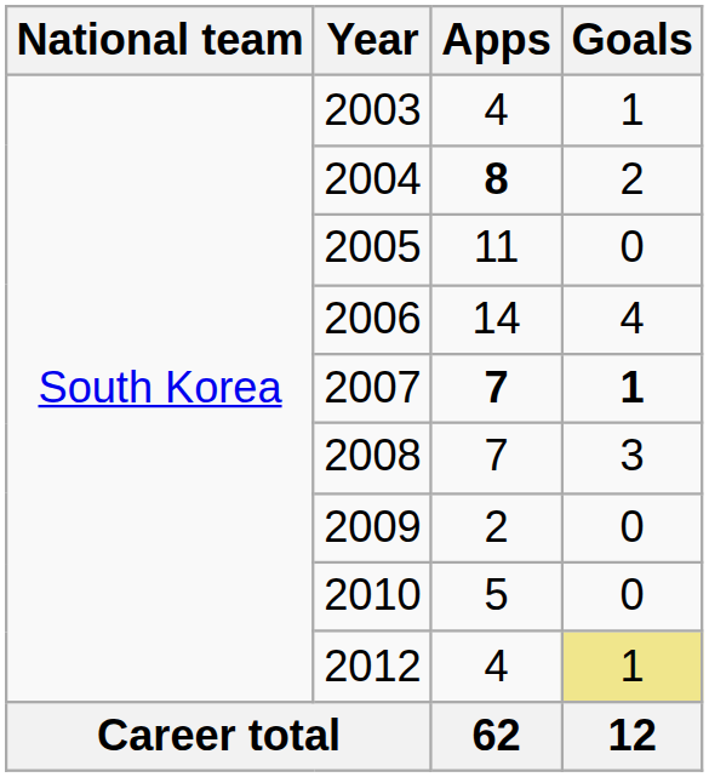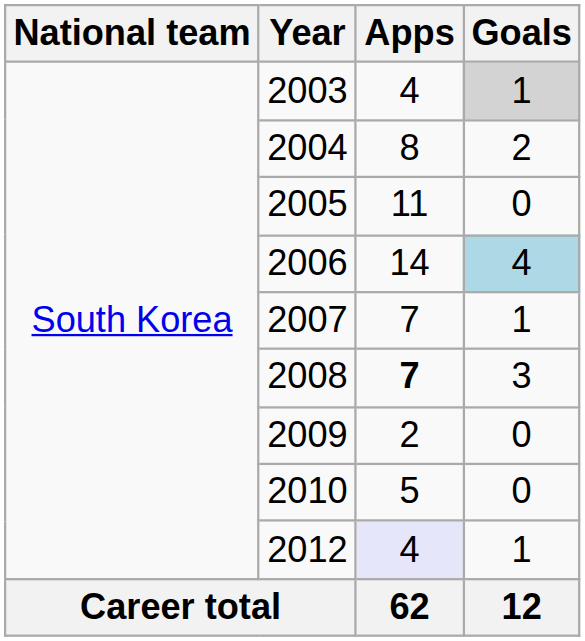 <table class="wikitable" style="text-align:center">
 <tr>
 <th>National team</th>
 <th>Year</th>
 <th>Apps</th>
 <th>Goals</th>
 </tr>
 <tr>
 <td rowspan=9><a href='#'>South Korea</a></td>
 <td>2003</td>
 <td>4</td>
-<td>1</td>
+<td style="background: lightgrey;">1</td>
 </tr>
 <tr>
 <td>2004</td>
-<td><strong>8</strong></td>
+<td>8</td>
 <td>2</td>
 </tr>
 <tr>
 <td>2005</td>
 <td>11</td>
 <td>0</td>
 </tr>
 <tr>
 <td>2006</td>
 <td>14</td>
-<td>4</td>
+<td style="background: lightblue;">4</td>
 </tr>
 <tr>
 <td>2007</td>
-<td><strong>7</strong></td>
-<td><strong>1</strong></td>
+<td>7</td>
+<td>1</td>
 </tr>
 <tr>
 <td>2008</td>
-<td>7</td>
+<td><strong>7</strong></td>
 <td>3</td>
 </tr>
 <tr>
 <td>2009</td>
 <td>2</td>
 <td>0</td>
 </tr>
 <tr>
 <td>2010</td>
 <td>5</td>
 <td>0</td>
 </tr>
 <tr>
 <td>2012</td>
-<td>4</td>
-<td style="background: khaki;">1</td>
+<td style="background: lavender;">4</td>
+<td>1</td>
 </tr>
 <tr>
 <th colspan=2>Career total</th>
 <th>62</th>
 <th>12</th>
 </tr>
 </table>
